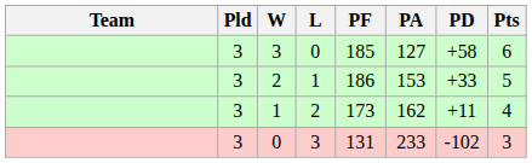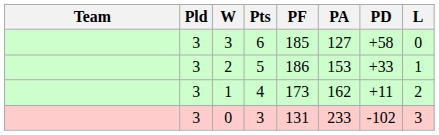 <table class="wikitable" style="text-align:center;">
 <tr>
 <th width=170>Team</th>
 <th width=25>Pld</th>
 <th width=25>W</th>
-<th width=25>L</th>
+<th width=25>Pts</th>
 <th width=35>PF</th>
 <th width=35>PA</th>
 <th width=35>PD</th>
-<th width=25>Pts</th>
+<th width=25>L</th>
 </tr>
 <tr style="background:#cfc;">
 <td align="left"></td>
 <td>3</td>
 <td>3</td>
-<td>0</td>
+<td>6</td>
 <td>185</td>
 <td>127</td>
 <td>+58</td>
-<td>6</td>
+<td>0</td>
 </tr>
 <tr style="background:#cfc;">
 <td align="left"></td>
 <td>3</td>
 <td>2</td>
-<td>1</td>
+<td>5</td>
 <td>186</td>
 <td>153</td>
 <td>+33</td>
-<td>5</td>
+<td>1</td>
 </tr>
 <tr style="background:#cfc;">
 <td align="left"></td>
 <td>3</td>
 <td>1</td>
-<td>2</td>
+<td>4</td>
 <td>173</td>
 <td>162</td>
 <td>+11</td>
-<td>4</td>
+<td>2</td>
 </tr>
 <tr style="background:#fcc;">
 <td align="left"></td>
 <td>3</td>
 <td>0</td>
 <td>3</td>
 <td>131</td>
 <td>233</td>
 <td>-102</td>
 <td>3</td>
 </tr>
 </table>
